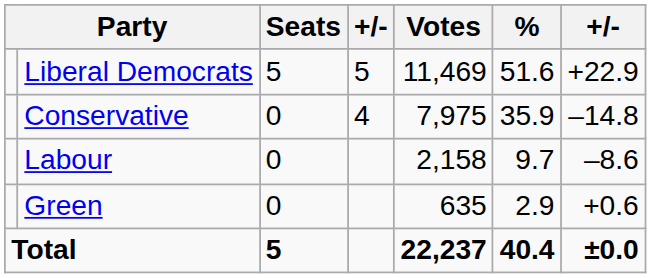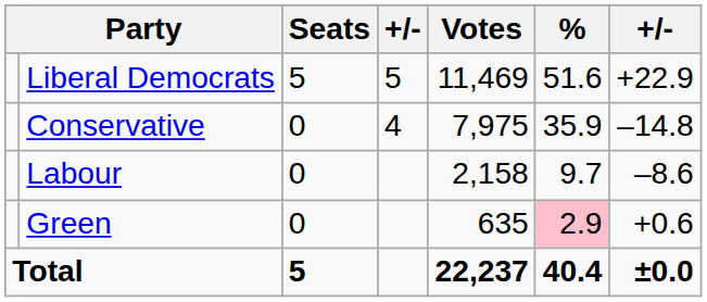 <table class="wikitable sortable">
 <tr>
 <th colspan="2">Party</th>
 <th>Seats</th>
 <th>+/-</th>
 <th>Votes</th>
 <th>%</th>
 <th>+/-</th>
 </tr>
 <tr>
 <td style="background-color: "></td>
 <td><a href='#'>Liberal Democrats</a></td>
 <td>5</td>
 <td> 5</td>
 <td style="text-align:right;">11,469</td>
 <td style="text-align:right;">51.6</td>
 <td style="text-align:right;">+22.9</td>
 </tr>
 <tr>
 <td style="background-color: "></td>
 <td><a href='#'>Conservative</a></td>
 <td>0</td>
 <td> 4</td>
 <td style="text-align:right;">7,975</td>
 <td style="text-align:right;">35.9</td>
 <td style="text-align:right;">–14.8</td>
 </tr>
 <tr>
 <td style="background-color: "></td>
 <td><a href='#'>Labour</a></td>
 <td>0</td>
 <td></td>
 <td style="text-align:right;">2,158</td>
 <td style="text-align:right;">9.7</td>
 <td style="text-align:right;">–8.6</td>
 </tr>
 <tr>
 <td style="background-color: "></td>
 <td><a href='#'>Green</a></td>
 <td>0</td>
 <td></td>
 <td style="text-align:right;">635</td>
-<td style="text-align:right;">2.9</td>
+<td style="background: pink; text-align:right;">2.9</td>
 <td style="text-align:right;">+0.6</td>
 </tr>
 <tr>
 <td colspan="2"><strong>Total</strong></td>
 <td><strong>5</strong></td>
 <td></td>
 <td style="text-align:right;"><strong>22,237</strong></td>
 <td style="text-align:right;"><strong>40.4</strong></td>
 <td style="text-align:right;"><strong>±0.0</strong></td>
 </tr>
 </table>
